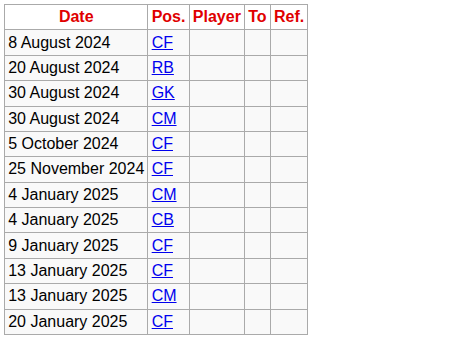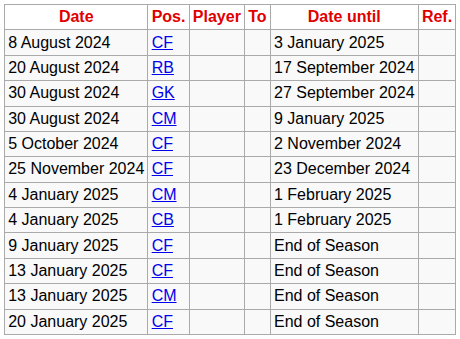 <table class="wikitable plainrowheaders sortable">
 <tr>
 <th style="background:white; color:#E00000; ">Date</th>
 <th style="background:white; color:#E00000; ">Pos.</th>
 <th style="background:white; color:#E00000; ">Player</th>
 <th style="background:white; color:#E00000; ">To</th>
+<th style="background:white; color:#E00000; ">Date until</th>
 <th style="background:white; color:#E00000; ">Ref.</th>
 </tr>
 <tr>
 <td>8 August 2024</td>
 <td><a href='#'>CF</a></td>
 <td></td>
 <td></td>
+<td>3 January 2025</td>
 <td></td>
 </tr>
 <tr>
 <td>20 August 2024</td>
 <td><a href='#'>RB</a></td>
 <td></td>
 <td></td>
+<td>17 September 2024</td>
 <td></td>
 </tr>
 <tr>
 <td>30 August 2024</td>
 <td><a href='#'>GK</a></td>
 <td></td>
 <td></td>
+<td>27 September 2024</td>
 <td></td>
 </tr>
 <tr>
 <td>30 August 2024</td>
 <td><a href='#'>CM</a></td>
 <td></td>
 <td></td>
+<td>9 January 2025</td>
 <td></td>
 </tr>
 <tr>
 <td>5 October 2024</td>
 <td><a href='#'>CF</a></td>
 <td></td>
 <td></td>
+<td>2 November 2024</td>
 <td></td>
 </tr>
 <tr>
 <td>25 November 2024</td>
 <td><a href='#'>CF</a></td>
 <td></td>
 <td></td>
+<td>23 December 2024</td>
 <td></td>
 </tr>
 <tr>
 <td>4 January 2025</td>
 <td><a href='#'>CM</a></td>
 <td></td>
 <td></td>
+<td>1 February 2025</td>
 <td></td>
 </tr>
 <tr>
 <td>4 January 2025</td>
 <td><a href='#'>CB</a></td>
 <td></td>
 <td></td>
+<td>1 February 2025</td>
 <td></td>
 </tr>
 <tr>
 <td>9 January 2025</td>
 <td><a href='#'>CF</a></td>
 <td></td>
 <td></td>
+<td>End of Season</td>
 <td></td>
 </tr>
 <tr>
 <td>13 January 2025</td>
 <td><a href='#'>CF</a></td>
 <td></td>
 <td></td>
+<td>End of Season</td>
 <td></td>
 </tr>
 <tr>
 <td>13 January 2025</td>
 <td><a href='#'>CM</a></td>
 <td></td>
 <td></td>
+<td>End of Season</td>
 <td></td>
 </tr>
 <tr>
 <td>20 January 2025</td>
 <td><a href='#'>CF</a></td>
 <td></td>
 <td></td>
+<td>End of Season</td>
 <td></td>
 </tr>
 </table>
